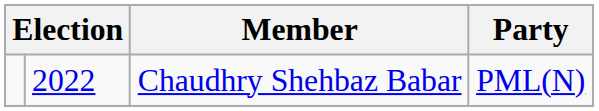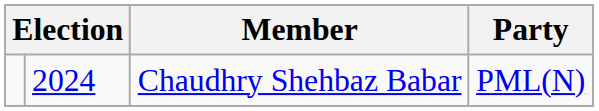 <table class="wikitable">
 <tr>
 <th colspan="2">Election</th>
 <th>Member</th>
 <th>Party</th>
 </tr>
 <tr>
 <td style="background-color: "></td>
-<td><a href='#'>2022</a></td>
+<td><a href='#'>2024</a></td>
 <td><a href='#'>Chaudhry Shehbaz Babar</a></td>
 <td><a href='#'>PML(N)</a></td>
 </tr>
 </table>
